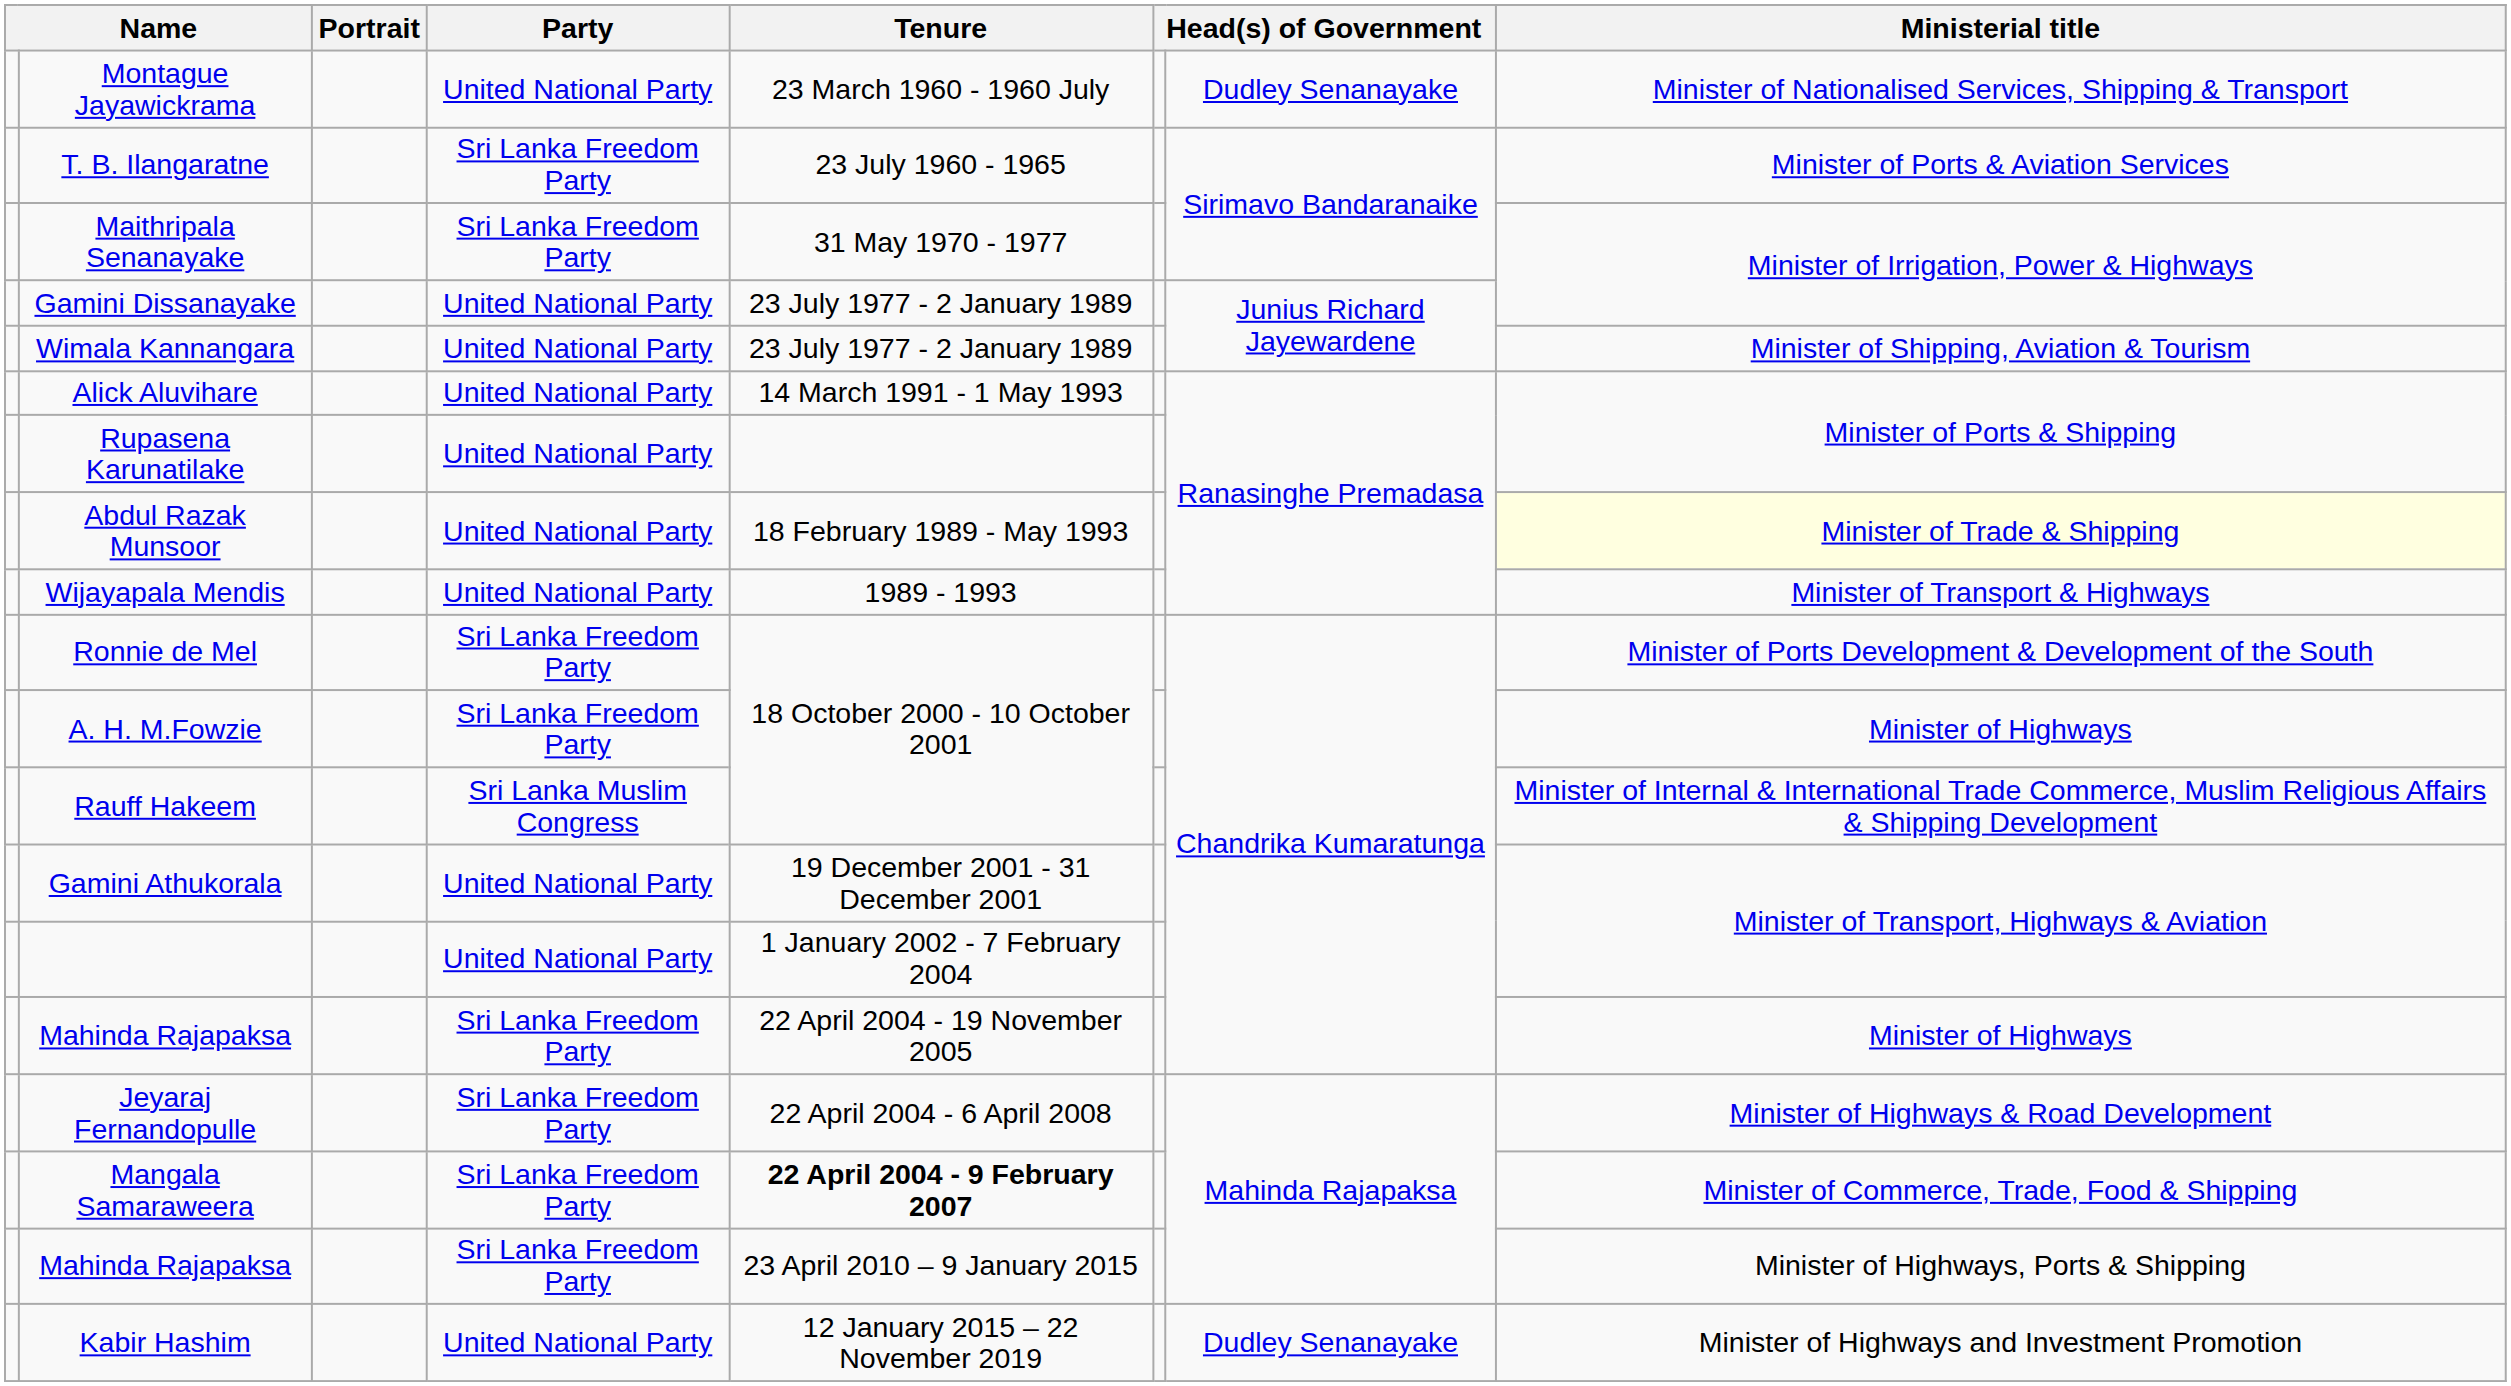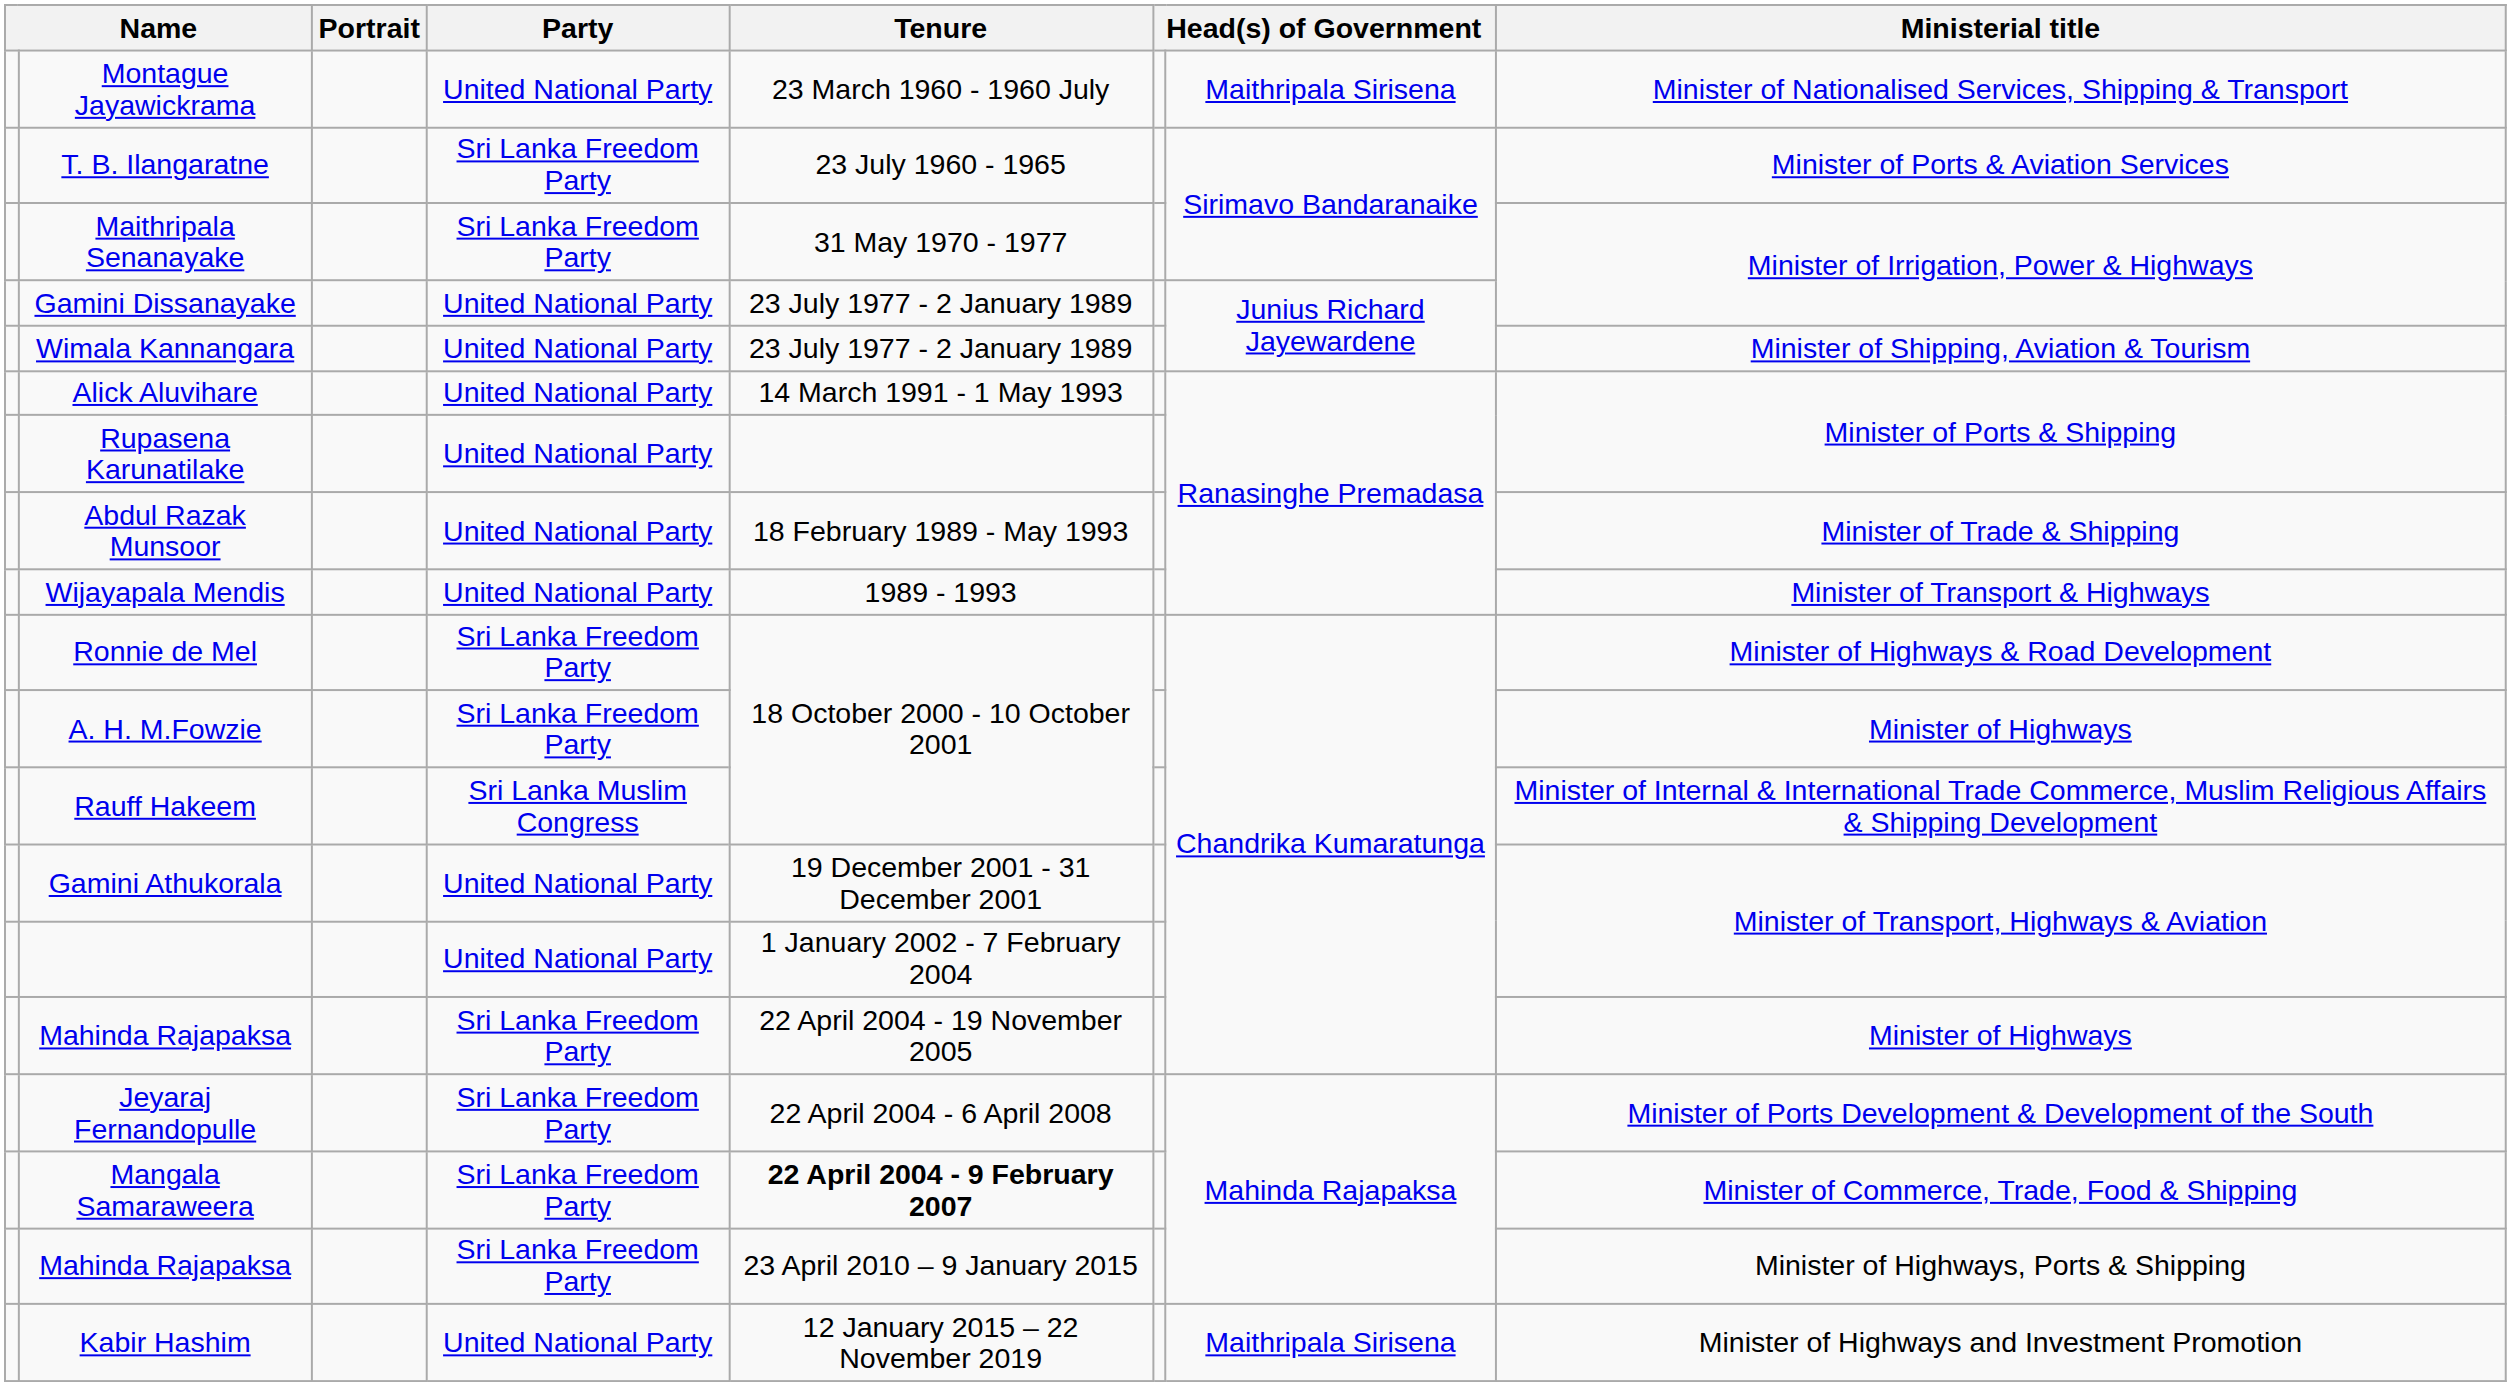 <table class="wikitable" style="margin:1em auto; font-size:90%; text-align:center;">
 <tr>
 <th colspan="2">Name</th>
 <th>Portrait</th>
 <th>Party</th>
 <th>Tenure</th>
 <th colspan="2">Head(s) of Government</th>
 <th>Ministerial title</th>
 </tr>
 <tr>
 <td !align="center" style="background:"></td>
 <td><a href='#'>Montague Jayawickrama</a></td>
 <td></td>
 <td><a href='#'>United National Party</a></td>
 <td>23 March 1960 - 1960 July</td>
 <td !align="center" style="background:"></td>
-<td><a href='#'>Dudley Senanayake</a></td>
+<td><a href='#'>Maithripala Sirisena</a></td>
 <td><a href='#'>Minister of Nationalised Services, Shipping & Transport</a></td>
 </tr>
 <tr>
 <td !align="center" style="background:"></td>
 <td><a href='#'>T. B. Ilangaratne</a></td>
 <td></td>
 <td><a href='#'>Sri Lanka Freedom Party</a></td>
 <td>23 July 1960 - 1965</td>
 <td !align="center" style="background:"></td>
 <td rowspan=2><a href='#'>Sirimavo Bandaranaike</a></td>
 <td><a href='#'>Minister of Ports & Aviation Services</a></td>
 </tr>
 <tr>
 <td !align="center" style="background:"></td>
 <td><a href='#'>Maithripala Senanayake</a></td>
 <td></td>
 <td><a href='#'>Sri Lanka Freedom Party</a></td>
 <td>31 May 1970 - 1977</td>
 <td !align="center" style="background:"></td>
 <td rowspan=2><a href='#'>Minister of Irrigation, Power & Highways</a></td>
 </tr>
 <tr>
 <td !align="centre" style="background:"></td>
 <td><a href='#'>Gamini Dissanayake</a></td>
 <td></td>
 <td><a href='#'>United National Party</a></td>
 <td>23 July 1977 - 2 January 1989</td>
 <td !align="center" style="background:"></td>
 <td rowspan=2><a href='#'>Junius Richard Jayewardene</a></td>
 </tr>
 <tr>
 <td !align="center" style="background:"></td>
 <td><a href='#'>Wimala Kannangara</a></td>
 <td></td>
 <td><a href='#'>United National Party</a></td>
 <td>23 July 1977 - 2 January 1989</td>
 <td !align="center" style="background:"></td>
 <td><a href='#'>Minister of Shipping, Aviation & Tourism</a></td>
 </tr>
 <tr>
 <td !align="center" style="background:"></td>
 <td><a href='#'>Alick Aluvihare</a></td>
 <td></td>
 <td><a href='#'>United National Party</a></td>
 <td>14 March 1991 - 1 May 1993</td>
 <td !align="center" style="background:"></td>
 <td rowspan=4><a href='#'>Ranasinghe Premadasa</a></td>
 <td rowspan=2><a href='#'>Minister of Ports & Shipping</a></td>
 </tr>
 <tr>
 <td !align="center" style="background:"></td>
 <td><a href='#'>Rupasena Karunatilake</a></td>
 <td></td>
 <td><a href='#'>United National Party</a></td>
 <td></td>
 <td !align="center" style="background:"></td>
 </tr>
 <tr>
 <td !align="center" style="background:"></td>
 <td><a href='#'>Abdul Razak Munsoor</a></td>
 <td></td>
 <td><a href='#'>United National Party</a></td>
 <td>18 February 1989 - May 1993</td>
 <td !align="center" style="background:"></td>
-<td style="background: lightyellow;"><a href='#'>Minister of Trade & Shipping</a></td>
+<td><a href='#'>Minister of Trade & Shipping</a></td>
 </tr>
 <tr>
 <td !align="center" style="background:"></td>
 <td><a href='#'>Wijayapala Mendis</a></td>
 <td></td>
 <td><a href='#'>United National Party</a></td>
 <td>1989 - 1993</td>
 <td !align="center" style="background:"></td>
 <td><a href='#'>Minister of Transport & Highways</a></td>
 </tr>
 <tr>
 <td !align="center" style="background:"></td>
 <td><a href='#'>Ronnie de Mel</a></td>
 <td></td>
 <td><a href='#'>Sri Lanka Freedom Party</a></td>
 <td rowspan=3>18 October 2000 - 10 October 2001</td>
 <td !align="centre" style="background:"></td>
 <td rowspan=6><a href='#'>Chandrika Kumaratunga</a></td>
-<td><a href='#'>Minister of Ports Development & Development of the South</a></td>
+<td><a href='#'>Minister of Highways & Road Development</a></td>
 </tr>
 <tr>
 <td !align="center" style="background:"></td>
 <td><a href='#'>A. H. M.Fowzie</a></td>
 <td></td>
 <td><a href='#'>Sri Lanka Freedom Party</a></td>
 <td !align="center" style="background:"></td>
 <td><a href='#'>Minister of Highways</a></td>
 </tr>
 <tr>
 <td !align="center" style="background:"></td>
 <td><a href='#'>Rauff Hakeem</a></td>
 <td></td>
 <td><a href='#'>Sri Lanka Muslim Congress</a></td>
 <td !align="center" style="background:"></td>
 <td><a href='#'>Minister of Internal & International Trade Commerce, Muslim Religious Affairs & Shipping Development</a></td>
 </tr>
 <tr>
 <td !align="centre" style="background:"></td>
 <td><a href='#'>Gamini Athukorala</a></td>
 <td></td>
 <td><a href='#'>United National Party</a></td>
 <td>19 December 2001 - 31 December 2001</td>
 <td !align="center" style="background:"></td>
 <td rowspan=2><a href='#'>Minister of Transport, Highways & Aviation</a></td>
 </tr>
 <tr>
 <td !align="centre" style="background:"></td>
 <td></td>
 <td></td>
 <td><a href='#'>United National Party</a></td>
 <td>1 January 2002 - 7 February 2004</td>
 <td !align="center" style="background:"></td>
 </tr>
 <tr>
 <td !align="center" style="background:"></td>
 <td><a href='#'>Mahinda Rajapaksa</a></td>
 <td></td>
 <td><a href='#'>Sri Lanka Freedom Party</a></td>
 <td>22 April 2004 - 19 November 2005</td>
 <td !align="center" style="background:"></td>
 <td><a href='#'>Minister of Highways</a></td>
 </tr>
 <tr>
 <td !align="center" style="background:"></td>
 <td><a href='#'>Jeyaraj Fernandopulle</a></td>
 <td></td>
 <td><a href='#'>Sri Lanka Freedom Party</a></td>
 <td>22 April 2004 - 6 April 2008</td>
 <td !align="center" style="background:"></td>
 <td rowspan=3><a href='#'>Mahinda Rajapaksa</a></td>
-<td><a href='#'>Minister of Highways & Road Development</a></td>
+<td><a href='#'>Minister of Ports Development & Development of the South</a></td>
 </tr>
 <tr>
 <td !align="centre" style="background:"></td>
 <td><a href='#'>Mangala Samaraweera</a></td>
 <td></td>
 <td><a href='#'>Sri Lanka Freedom Party</a></td>
 <td><strong>22 April 2004 - 9 February 2007</strong></td>
 <td !align="centre" style="background:"></td>
 <td><a href='#'>Minister of Commerce, Trade, Food & Shipping</a></td>
 </tr>
 <tr>
 <td !align="centre" style="background:"></td>
 <td><a href='#'>Mahinda Rajapaksa</a></td>
 <td></td>
 <td><a href='#'>Sri Lanka Freedom Party</a></td>
 <td>23 April 2010 – 9 January 2015</td>
 <td !align="center" style="background:"></td>
 <td>Minister of Highways, Ports & Shipping</td>
 </tr>
 <tr>
 <td !align="center" style="background:"></td>
 <td><a href='#'>Kabir Hashim</a></td>
 <td></td>
 <td><a href='#'>United National Party</a></td>
 <td>12 January 2015 – 22 November 2019</td>
 <td !align="centre" style="background:"></td>
-<td><a href='#'>Dudley Senanayake</a></td>
+<td><a href='#'>Maithripala Sirisena</a></td>
 <td>Minister of Highways and Investment Promotion</td>
 </tr>
 </table>
